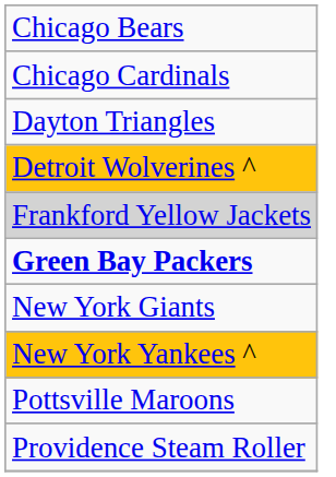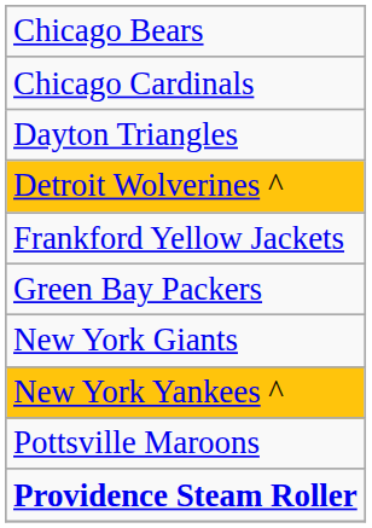 <table class="wikitable">
 <tr>
 <td><a href='#'>Chicago Bears</a></td>
 </tr>
 <tr>
 <td><a href='#'>Chicago Cardinals</a></td>
 </tr>
 <tr>
 <td><a href='#'>Dayton Triangles</a></td>
 </tr>
 <tr>
 <td style="background-color: #FFC40C"><a href='#'>Detroit Wolverines</a> ^</td>
 </tr>
 <tr>
-<td style="background: lightgrey;"><a href='#'>Frankford Yellow Jackets</a></td>
+<td><a href='#'>Frankford Yellow Jackets</a></td>
 </tr>
 <tr>
-<td><strong><a href='#'>Green Bay Packers</a></strong></td>
+<td><a href='#'>Green Bay Packers</a></td>
 </tr>
 <tr>
 <td><a href='#'>New York Giants</a></td>
 </tr>
 <tr>
 <td style="background-color: #FFC40C"><a href='#'>New York Yankees</a> ^</td>
 </tr>
 <tr>
 <td><a href='#'>Pottsville Maroons</a></td>
 </tr>
 <tr>
-<td><a href='#'>Providence Steam Roller</a></td>
+<td><strong><a href='#'>Providence Steam Roller</a></strong></td>
 </tr>
 <tr>
 </tr>
 </table>
